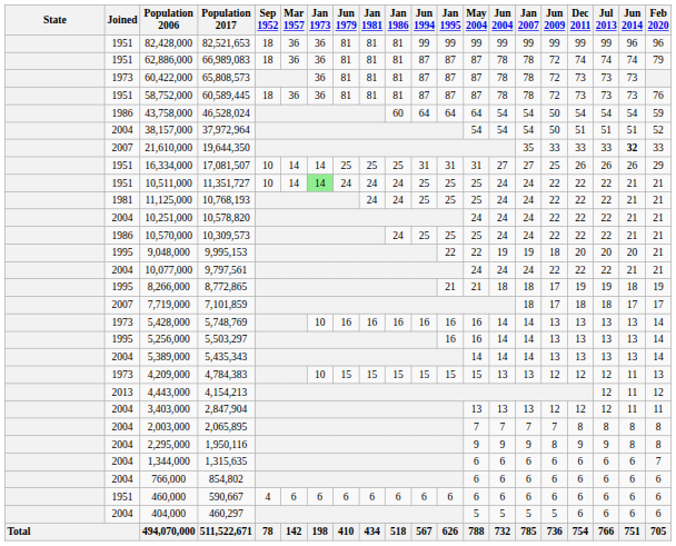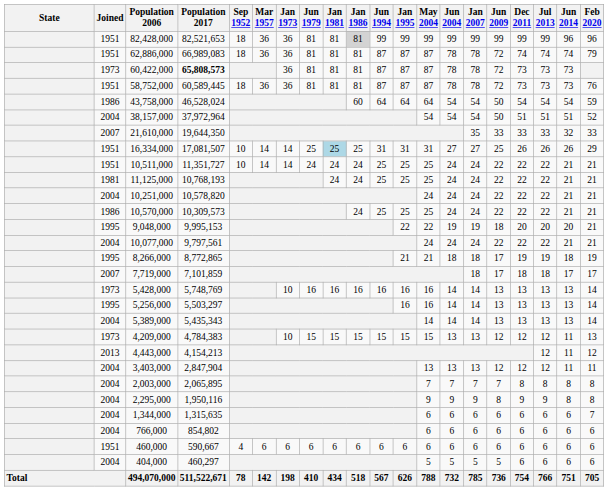 <table class="wikitable sortable" style="text-align:center; font-size:90%;">
 <tr>
 <th align=left style="width:9em;">State</th>
 <th>Joined<br></th>
 <th>Population<br>2006</th>
 <th>Population<br>2017</th>
 <th class="unsortable">Sep<br><a href='#'>1952</a></th>
 <th class="unsortable">Mar<br><a href='#'>1957</a></th>
 <th class="unsortable">Jan<br><a href='#'>1973</a></th>
 <th class="unsortable">Jun<br><a href='#'>1979</a></th>
 <th class="unsortable">Jan<br><a href='#'>1981</a></th>
 <th class="unsortable">Jan<br><a href='#'>1986</a></th>
 <th class="unsortable">Jun<br><a href='#'>1994</a></th>
 <th class="unsortable">Jan<br><a href='#'>1995</a></th>
 <th class="unsortable">May<br><a href='#'>2004</a></th>
 <th class="unsortable">Jun<br><a href='#'>2004</a></th>
 <th class="unsortable">Jan<br><a href='#'>2007</a></th>
 <th class="unsortable">Jun<br><a href='#'>2009</a></th>
 <th class="unsortable">Dec<br><a href='#'>2011</a></th>
 <th class="unsortable">Jul<br><a href='#'>2013</a></th>
 <th class="unsortable">Jun<br><a href='#'>2014</a></th>
 <th class="unsortable">Feb<br><a href='#'>2020</a></th>
 </tr>
 <tr>
 <td style="background:#F2F2F2; text-align:left"><strong></strong></td>
 <td>1951</td>
 <td>82,428,000</td>
 <td>82,521,653</td>
 <td>18</td>
 <td>36</td>
 <td>36</td>
 <td>81</td>
 <td>81</td>
-<td>81</td>
+<td style="background: lightgrey;">81</td>
 <td>99</td>
 <td>99</td>
 <td>99</td>
 <td>99</td>
 <td>99</td>
 <td>99</td>
 <td>99</td>
 <td>99</td>
 <td>96</td>
 <td>96</td>
 </tr>
 <tr>
 <td style="background:#F2F2F2; text-align:left"><strong></strong></td>
 <td>1951</td>
 <td>62,886,000</td>
 <td>66,989,083</td>
 <td>18</td>
 <td>36</td>
 <td>36</td>
 <td>81</td>
 <td>81</td>
 <td>81</td>
 <td>87</td>
 <td>87</td>
 <td>87</td>
 <td>78</td>
 <td>78</td>
 <td>72</td>
 <td>74</td>
 <td>74</td>
 <td>74</td>
 <td>79</td>
 </tr>
 <tr>
 <td style="background:#F2F2F2; text-align:left"><strong></strong></td>
 <td>1973</td>
 <td>60,422,000</td>
-<td>65,808,573</td>
+<td><strong>65,808,573</strong></td>
 <th colspan="2"> </th>
 <td>36</td>
 <td>81</td>
 <td>81</td>
 <td>81</td>
 <td>87</td>
 <td>87</td>
 <td>87</td>
 <td>78</td>
 <td>78</td>
 <td>72</td>
 <td>73</td>
 <td>73</td>
 <td>73</td>
 <th> </th>
 </tr>
 <tr>
 <td style="background:#F2F2F2; text-align:left"><strong></strong></td>
 <td>1951</td>
 <td>58,752,000</td>
 <td>60,589,445</td>
 <td>18</td>
 <td>36</td>
 <td>36</td>
 <td>81</td>
 <td>81</td>
 <td>81</td>
 <td>87</td>
 <td>87</td>
 <td>87</td>
 <td>78</td>
 <td>78</td>
 <td>72</td>
 <td>73</td>
 <td>73</td>
 <td>73</td>
 <td>76</td>
 </tr>
 <tr>
 <td style="background:#F2F2F2; text-align:left"><strong></strong></td>
 <td>1986</td>
 <td>43,758,000</td>
 <td>46,528,024</td>
 <th colspan="5"> </th>
 <td>60</td>
 <td>64</td>
 <td>64</td>
 <td>64</td>
 <td>54</td>
 <td>54</td>
 <td>50</td>
 <td>54</td>
 <td>54</td>
 <td>54</td>
 <td>59</td>
 </tr>
 <tr>
 <td style="background:#F2F2F2; text-align:left"><strong></strong></td>
 <td>2004</td>
 <td>38,157,000</td>
 <td>37,972,964</td>
 <th colspan="8"> </th>
 <td>54</td>
 <td>54</td>
 <td>54</td>
 <td>50</td>
 <td>51</td>
 <td>51</td>
 <td>51</td>
 <td>52</td>
 </tr>
 <tr>
 <td style="background:#F2F2F2; text-align:left"><strong></strong></td>
 <td>2007</td>
 <td>21,610,000</td>
 <td>19,644,350</td>
 <th colspan="10"> </th>
 <td>35</td>
 <td>33</td>
 <td>33</td>
 <td>33</td>
-<td><strong>32</strong></td>
+<td>32</td>
 <td>33</td>
 </tr>
 <tr>
 <td style="background:#F2F2F2; text-align:left"><strong></strong></td>
 <td>1951</td>
 <td>16,334,000</td>
 <td>17,081,507</td>
 <td>10</td>
 <td>14</td>
 <td>14</td>
 <td>25</td>
-<td>25</td>
+<td style="background: lightblue;">25</td>
 <td>25</td>
 <td>31</td>
 <td>31</td>
 <td>31</td>
 <td>27</td>
 <td>27</td>
 <td>25</td>
 <td>26</td>
 <td>26</td>
 <td>26</td>
 <td>29</td>
 </tr>
 <tr>
 <td style="background:#F2F2F2; text-align:left"><strong></strong></td>
 <td>1951</td>
 <td>10,511,000</td>
 <td>11,351,727</td>
 <td>10</td>
 <td>14</td>
-<td style="background: lightgreen;">14</td>
+<td>14</td>
 <td>24</td>
 <td>24</td>
 <td>24</td>
 <td>25</td>
 <td>25</td>
 <td>25</td>
 <td>24</td>
 <td>24</td>
 <td>22</td>
 <td>22</td>
 <td>22</td>
 <td>21</td>
 <td>21</td>
 </tr>
 <tr>
 <td style="background:#F2F2F2; text-align:left"><strong></strong></td>
 <td>1981</td>
 <td>11,125,000</td>
 <td>10,768,193</td>
 <th colspan="4"> </th>
 <td>24</td>
 <td>24</td>
 <td>25</td>
 <td>25</td>
 <td>25</td>
 <td>24</td>
 <td>24</td>
 <td>22</td>
 <td>22</td>
 <td>22</td>
 <td>21</td>
 <td>21</td>
 </tr>
 <tr>
 <td style="background:#F2F2F2; text-align:left"><strong></strong></td>
 <td>2004</td>
 <td>10,251,000</td>
 <td>10,578,820</td>
 <th colspan="8"> </th>
 <td>24</td>
 <td>24</td>
 <td>24</td>
 <td>22</td>
 <td>22</td>
 <td>22</td>
 <td>21</td>
 <td>21</td>
 </tr>
 <tr>
 <td style="background:#F2F2F2; text-align:left"><strong></strong></td>
 <td>1986</td>
 <td>10,570,000</td>
 <td>10,309,573</td>
 <th colspan="5"> </th>
 <td>24</td>
 <td>25</td>
 <td>25</td>
 <td>25</td>
 <td>24</td>
 <td>24</td>
 <td>22</td>
 <td>22</td>
 <td>22</td>
 <td>21</td>
 <td>21</td>
 </tr>
 <tr>
 <td style="background:#F2F2F2; text-align:left"><strong></strong></td>
 <td>1995</td>
 <td>9,048,000</td>
 <td>9,995,153</td>
 <th colspan="7"> </th>
 <td>22</td>
 <td>22</td>
 <td>19</td>
 <td>19</td>
 <td>18</td>
 <td>20</td>
 <td>20</td>
 <td>20</td>
 <td>21</td>
 </tr>
 <tr>
 <td style="background:#F2F2F2; text-align:left"><strong></strong></td>
 <td>2004</td>
 <td>10,077,000</td>
 <td>9,797,561</td>
 <th colspan="8"> </th>
 <td>24</td>
 <td>24</td>
 <td>24</td>
 <td>22</td>
 <td>22</td>
 <td>22</td>
 <td>21</td>
 <td>21</td>
 </tr>
 <tr>
 <td style="background:#F2F2F2; text-align:left"><strong></strong></td>
 <td>1995</td>
 <td>8,266,000</td>
 <td>8,772,865</td>
 <th colspan="7"> </th>
 <td>21</td>
 <td>21</td>
 <td>18</td>
 <td>18</td>
 <td>17</td>
 <td>19</td>
 <td>19</td>
 <td>18</td>
 <td>19</td>
 </tr>
 <tr>
 <td style="background:#F2F2F2; text-align:left"><strong></strong></td>
 <td>2007</td>
 <td>7,719,000</td>
 <td>7,101,859</td>
 <th colspan="10"> </th>
 <td>18</td>
 <td>17</td>
 <td>18</td>
 <td>18</td>
 <td>17</td>
 <td>17</td>
 </tr>
 <tr>
 <td style="background:#F2F2F2; text-align:left"><strong></strong></td>
 <td>1973</td>
 <td>5,428,000</td>
 <td>5,748,769</td>
 <th colspan="2"> </th>
 <td>10</td>
 <td>16</td>
 <td>16</td>
 <td>16</td>
 <td>16</td>
 <td>16</td>
 <td>16</td>
 <td>14</td>
 <td>14</td>
 <td>13</td>
 <td>13</td>
 <td>13</td>
 <td>13</td>
 <td>14</td>
 </tr>
 <tr>
 <td style="background:#F2F2F2; text-align:left"><strong></strong></td>
 <td>1995</td>
 <td>5,256,000</td>
 <td>5,503,297</td>
 <th colspan="7"> </th>
 <td>16</td>
 <td>16</td>
 <td>14</td>
 <td>14</td>
 <td>13</td>
 <td>13</td>
 <td>13</td>
 <td>13</td>
 <td>14</td>
 </tr>
 <tr>
 <td style="background:#F2F2F2; text-align:left"><strong></strong></td>
 <td>2004</td>
 <td>5,389,000</td>
 <td>5,435,343</td>
 <th colspan="8"> </th>
 <td>14</td>
 <td>14</td>
 <td>14</td>
 <td>13</td>
 <td>13</td>
 <td>13</td>
 <td>13</td>
 <td>14</td>
 </tr>
 <tr>
 <td style="background:#F2F2F2; text-align:left"><strong></strong></td>
 <td>1973</td>
 <td>4,209,000</td>
 <td>4,784,383</td>
 <th colspan="2"> </th>
 <td>10</td>
 <td>15</td>
 <td>15</td>
 <td>15</td>
 <td>15</td>
 <td>15</td>
 <td>15</td>
 <td>13</td>
 <td>13</td>
 <td>12</td>
 <td>12</td>
 <td>12</td>
 <td>11</td>
 <td>13</td>
 </tr>
 <tr>
 <td style="background:#F2F2F2; text-align:left"><strong></strong></td>
 <td>2013</td>
 <td>4,443,000</td>
 <td>4,154,213</td>
 <th colspan="13"> </th>
 <td>12</td>
 <td>11</td>
 <td>12</td>
 </tr>
 <tr>
 <td style="background:#F2F2F2; text-align:left"><strong></strong></td>
 <td>2004</td>
 <td>3,403,000</td>
 <td>2,847,904</td>
 <th colspan="8"> </th>
 <td>13</td>
 <td>13</td>
 <td>13</td>
 <td>12</td>
 <td>12</td>
 <td>12</td>
 <td>11</td>
 <td>11</td>
 </tr>
 <tr>
 <td style="background:#F2F2F2; text-align:left"><strong></strong></td>
 <td>2004</td>
 <td>2,003,000</td>
 <td>2,065,895</td>
 <th colspan="8"> </th>
 <td>7</td>
 <td>7</td>
 <td>7</td>
 <td>7</td>
 <td>8</td>
 <td>8</td>
 <td>8</td>
 <td>8</td>
 </tr>
 <tr>
 <td style="background:#F2F2F2; text-align:left"><strong></strong></td>
 <td>2004</td>
 <td>2,295,000</td>
 <td>1,950,116</td>
 <th colspan="8"> </th>
 <td>9</td>
 <td>9</td>
 <td>9</td>
 <td>8</td>
 <td>9</td>
 <td>9</td>
 <td>8</td>
 <td>8</td>
 </tr>
 <tr>
 <td style="background:#F2F2F2; text-align:left"><strong></strong></td>
 <td>2004</td>
 <td>1,344,000</td>
 <td>1,315,635</td>
 <th colspan="8"> </th>
 <td>6</td>
 <td>6</td>
 <td>6</td>
 <td>6</td>
 <td>6</td>
 <td>6</td>
 <td>6</td>
 <td>7</td>
 </tr>
 <tr>
 <td style="background:#F2F2F2; text-align:left"><strong></strong></td>
 <td>2004</td>
 <td>766,000</td>
 <td>854,802</td>
 <th colspan="8"> </th>
 <td>6</td>
 <td>6</td>
 <td>6</td>
 <td>6</td>
 <td>6</td>
 <td>6</td>
 <td>6</td>
 <td>6</td>
 </tr>
 <tr>
 <td style="background:#F2F2F2; text-align:left"><strong></strong></td>
 <td>1951</td>
 <td>460,000</td>
 <td>590,667</td>
 <td>4</td>
 <td>6</td>
 <td>6</td>
 <td>6</td>
 <td>6</td>
 <td>6</td>
 <td>6</td>
 <td>6</td>
 <td>6</td>
 <td>6</td>
 <td>6</td>
 <td>6</td>
 <td>6</td>
 <td>6</td>
 <td>6</td>
 <td>6</td>
 </tr>
 <tr>
 <td style="background:#F2F2F2; text-align:left"><strong></strong></td>
 <td>2004</td>
 <td>404,000</td>
 <td>460,297</td>
 <th colspan="8"> </th>
 <td>5</td>
 <td>5</td>
 <td>5</td>
 <td>5</td>
 <td>6</td>
 <td>6</td>
 <td>6</td>
 <td>6</td>
 </tr>
 <tr class="sortbottom">
 <td style="background:#F2F2F2; text-align:left" colspan=2><strong>Total</strong></td>
 <th>494,070,000</th>
 <th>511,522,671</th>
 <th>78</th>
 <th>142</th>
 <th>198</th>
 <th>410</th>
 <th>434</th>
 <th>518</th>
 <th>567</th>
 <th>626</th>
 <th>788</th>
 <th>732</th>
 <th>785</th>
 <th>736</th>
 <th>754</th>
 <th>766</th>
 <th>751</th>
 <th>705</th>
 </tr>
 </table>
